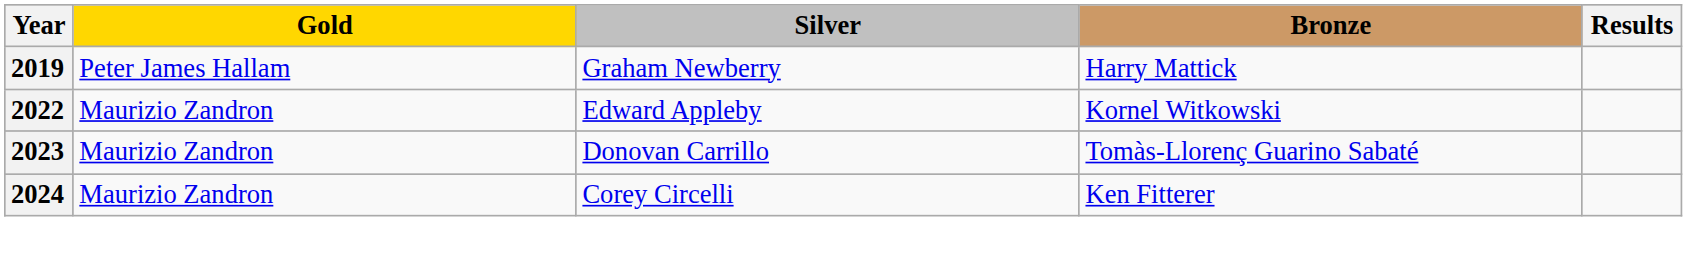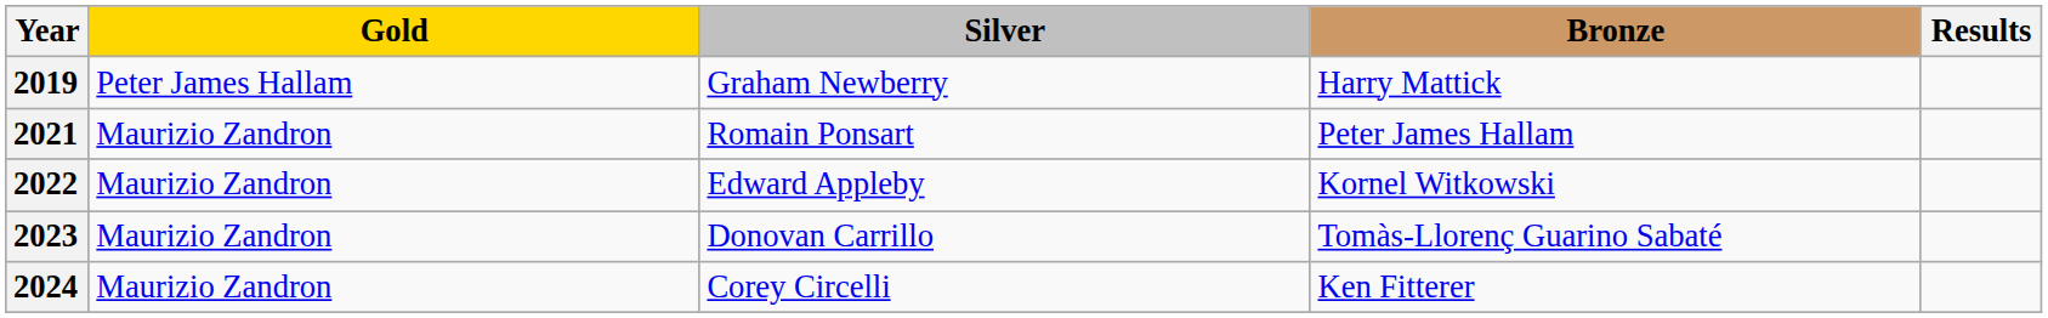 <table class="wikitable unsortable" style="text-align:left; width:80%">
 <tr>
 <th scope="col" style="text-align:center;">Year</th>
 <td scope="col" style="text-align:center; width:30%; background:gold"><strong>Gold</strong></td>
 <td scope="col" style="text-align:center; width:30%; background:silver"><strong>Silver</strong></td>
 <td scope="col" style="text-align:center; width:30%; background:#c96"><strong>Bronze</strong></td>
 <th scope="col" style="text-align:center;">Results</th>
 </tr>
 <tr>
 <th scope="row" style="text-align:left">2019</th>
 <td> <a href='#'>Peter James Hallam</a></td>
 <td> <a href='#'>Graham Newberry</a></td>
 <td> <a href='#'>Harry Mattick</a></td>
+<td></td>
+</tr>
+<tr>
+<th scope="row" style="text-align:left">2021</th>
+<td> <a href='#'>Maurizio Zandron</a></td>
+<td> <a href='#'>Romain Ponsart</a></td>
+<td> <a href='#'>Peter James Hallam</a></td>
 <td></td>
 </tr>
 <tr>
 <th scope="row" style="text-align:left">2022</th>
 <td> <a href='#'>Maurizio Zandron</a></td>
 <td> <a href='#'>Edward Appleby</a></td>
 <td> <a href='#'>Kornel Witkowski</a></td>
 <td></td>
 </tr>
 <tr>
 <th scope="row" style="text-align:left">2023</th>
 <td> <a href='#'>Maurizio Zandron</a></td>
 <td> <a href='#'>Donovan Carrillo</a></td>
 <td> <a href='#'>Tomàs-Llorenç Guarino Sabaté</a></td>
 <td></td>
 </tr>
 <tr>
 <th scope="row" style="text-align:left">2024</th>
 <td> <a href='#'>Maurizio Zandron</a></td>
 <td> <a href='#'>Corey Circelli</a></td>
 <td> <a href='#'>Ken Fitterer</a></td>
 <td></td>
 </tr>
 </table>
